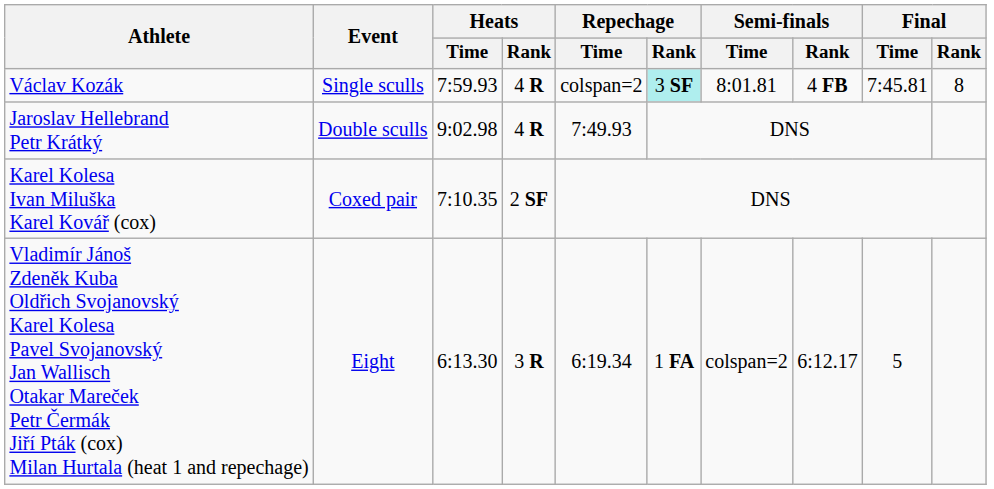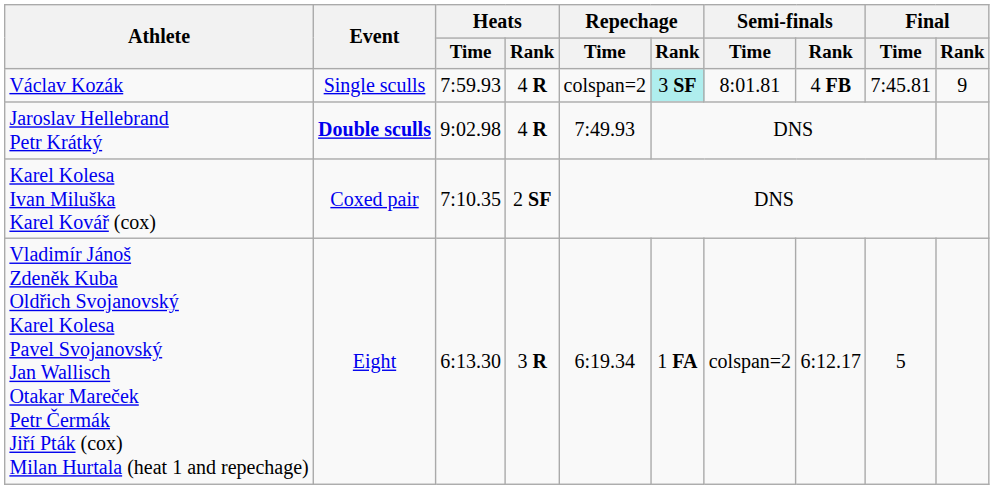 <table class="wikitable" style="font-size:90%">
 <tr>
 <th rowspan="2">Athlete</th>
 <th rowspan="2">Event</th>
 <th colspan="2">Heats</th>
 <th colspan="2">Repechage</th>
 <th colspan="2">Semi-finals</th>
 <th colspan="2">Final</th>
 </tr>
 <tr style="font-size:95%">
 <th>Time</th>
 <th>Rank</th>
 <th>Time</th>
 <th>Rank</th>
 <th>Time</th>
 <th>Rank</th>
 <th>Time</th>
 <th>Rank</th>
 </tr>
 <tr align=center>
 <td align=left><a href='#'>Václav Kozák</a></td>
 <td><a href='#'>Single sculls</a></td>
 <td>7:59.93</td>
 <td>4 <strong>R</strong></td>
 <td>colspan=2 </td>
 <td style="background: paleturquoise;">3 <strong>SF</strong></td>
 <td>8:01.81</td>
 <td>4 <strong>FB</strong></td>
 <td>7:45.81</td>
-<td>8</td>
+<td>9</td>
 </tr>
 <tr align=center>
 <td align=left><a href='#'>Jaroslav Hellebrand</a><br><a href='#'>Petr Krátký</a></td>
-<td><a href='#'>Double sculls</a></td>
+<td><strong><a href='#'>Double sculls</a></strong></td>
 <td>9:02.98</td>
 <td>4 <strong>R</strong></td>
 <td>7:49.93</td>
 <td colspan=4>DNS</td>
 </tr>
 <tr align=center>
 <td align=left><a href='#'>Karel Kolesa</a><br><a href='#'>Ivan Miluška</a><br><a href='#'>Karel Kovář</a> (cox)</td>
 <td><a href='#'>Coxed pair</a></td>
 <td>7:10.35</td>
 <td>2 <strong>SF</strong></td>
 <td colspan=6>DNS</td>
 </tr>
 <tr align=center>
 <td align=left><a href='#'>Vladimír Jánoš</a><br> <a href='#'>Zdeněk Kuba</a><br> <a href='#'>Oldřich Svojanovský</a><br> <a href='#'>Karel Kolesa</a><br> <a href='#'>Pavel Svojanovský</a><br> <a href='#'>Jan Wallisch</a><br> <a href='#'>Otakar Mareček</a><br> <a href='#'>Petr Čermák</a><br> <a href='#'>Jiří Pták</a> (cox)<br><a href='#'>Milan Hurtala</a> (heat 1 and repechage)</td>
 <td><a href='#'>Eight</a></td>
 <td>6:13.30</td>
 <td>3 <strong>R</strong></td>
 <td>6:19.34</td>
 <td>1 <strong>FA</strong></td>
 <td>colspan=2 </td>
 <td>6:12.17</td>
 <td>5</td>
 </tr>
 </table>
